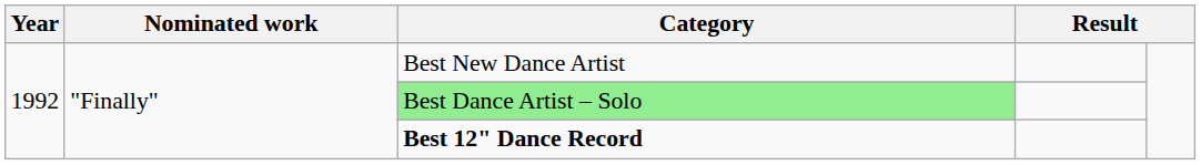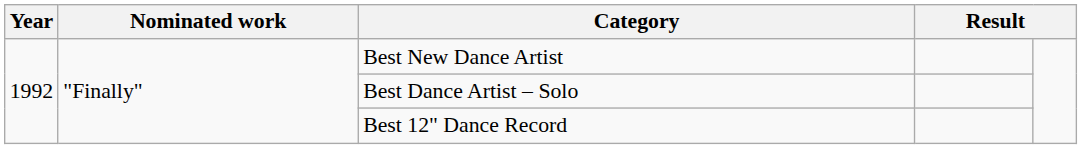 <table class=wikitable>
 <tr>
 <th width=5%>Year</th>
 <th width=28%>Nominated work</th>
 <th width=52%>Category</th>
 <th width=15% colspan=2>Result</th>
 </tr>
 <tr>
 <td rowspan=3>1992</td>
 <td rowspan=3>"Finally"</td>
 <td>Best New Dance Artist</td>
 <td></td>
 <td width=4% align=center rowspan=3></td>
 </tr>
 <tr>
-<td style="background: lightgreen;">Best Dance Artist – Solo</td>
+<td>Best Dance Artist – Solo</td>
 <td></td>
 </tr>
 <tr>
-<td><strong>Best 12" Dance Record</strong></td>
+<td>Best 12" Dance Record</td>
 <td></td>
 </tr>
 </table>
